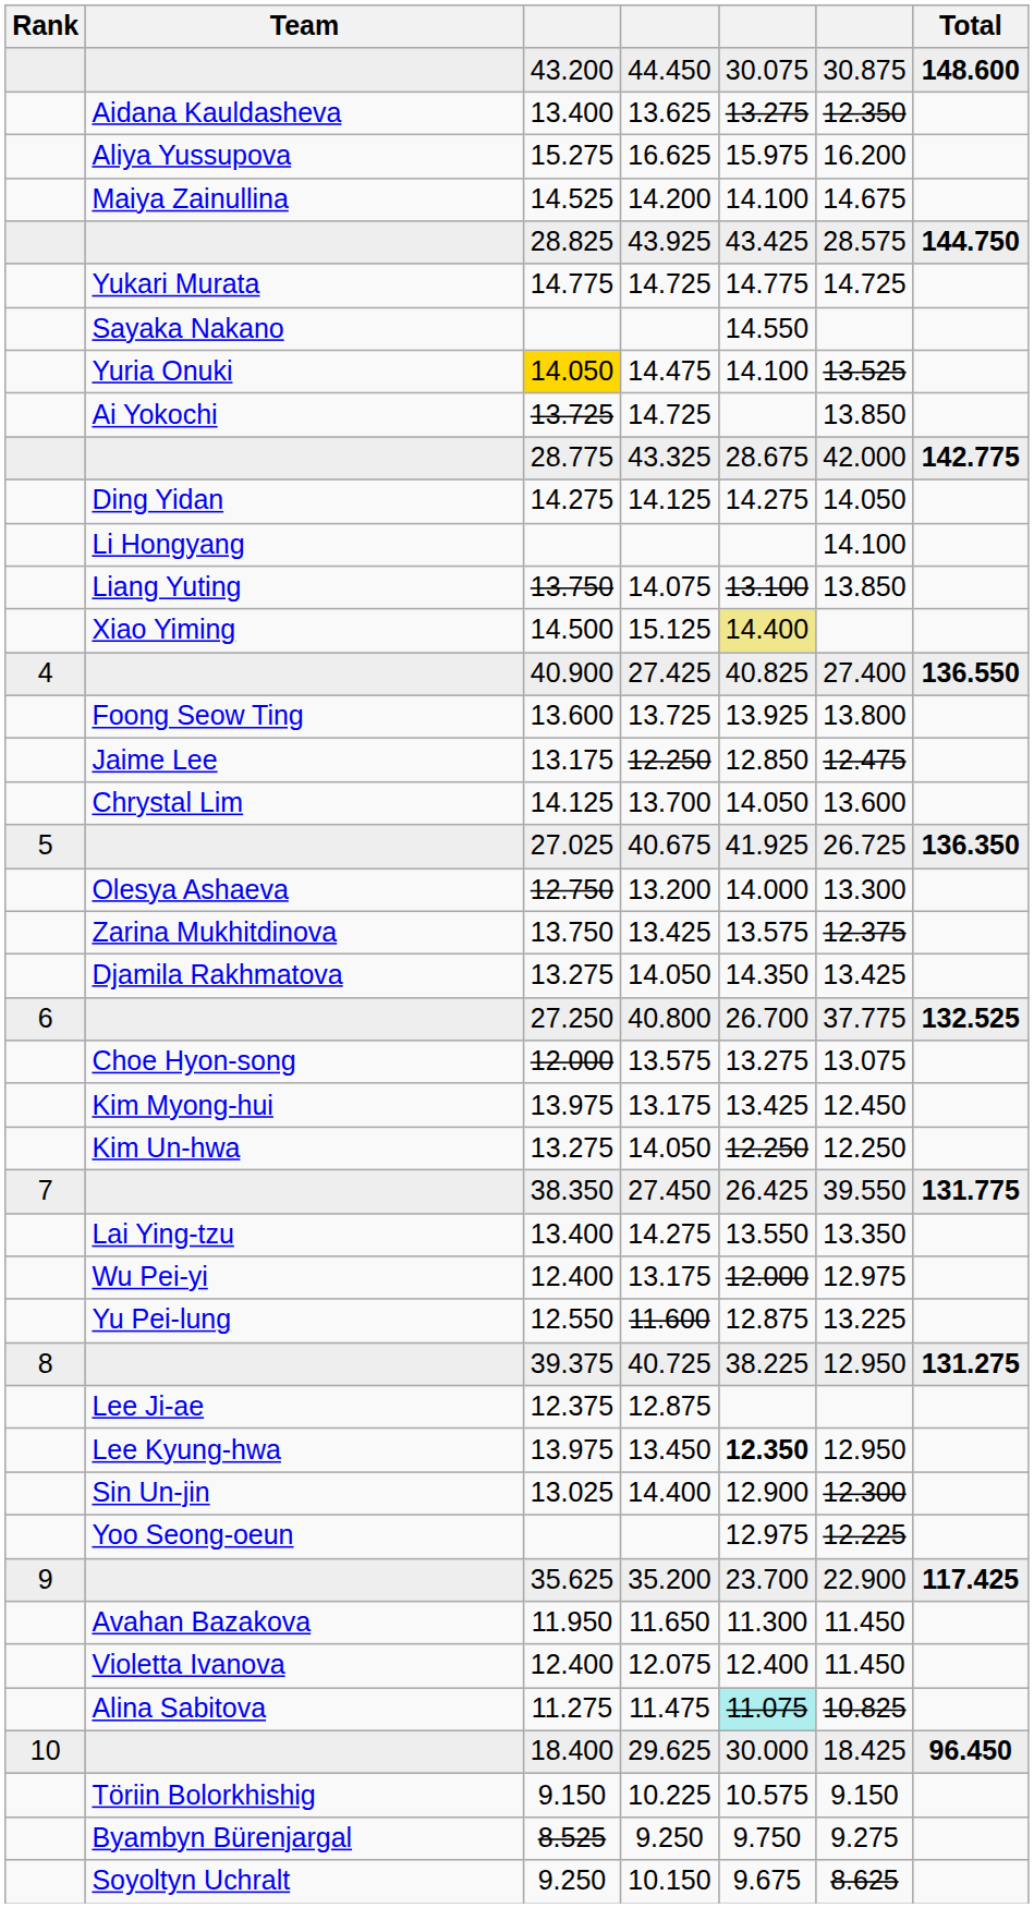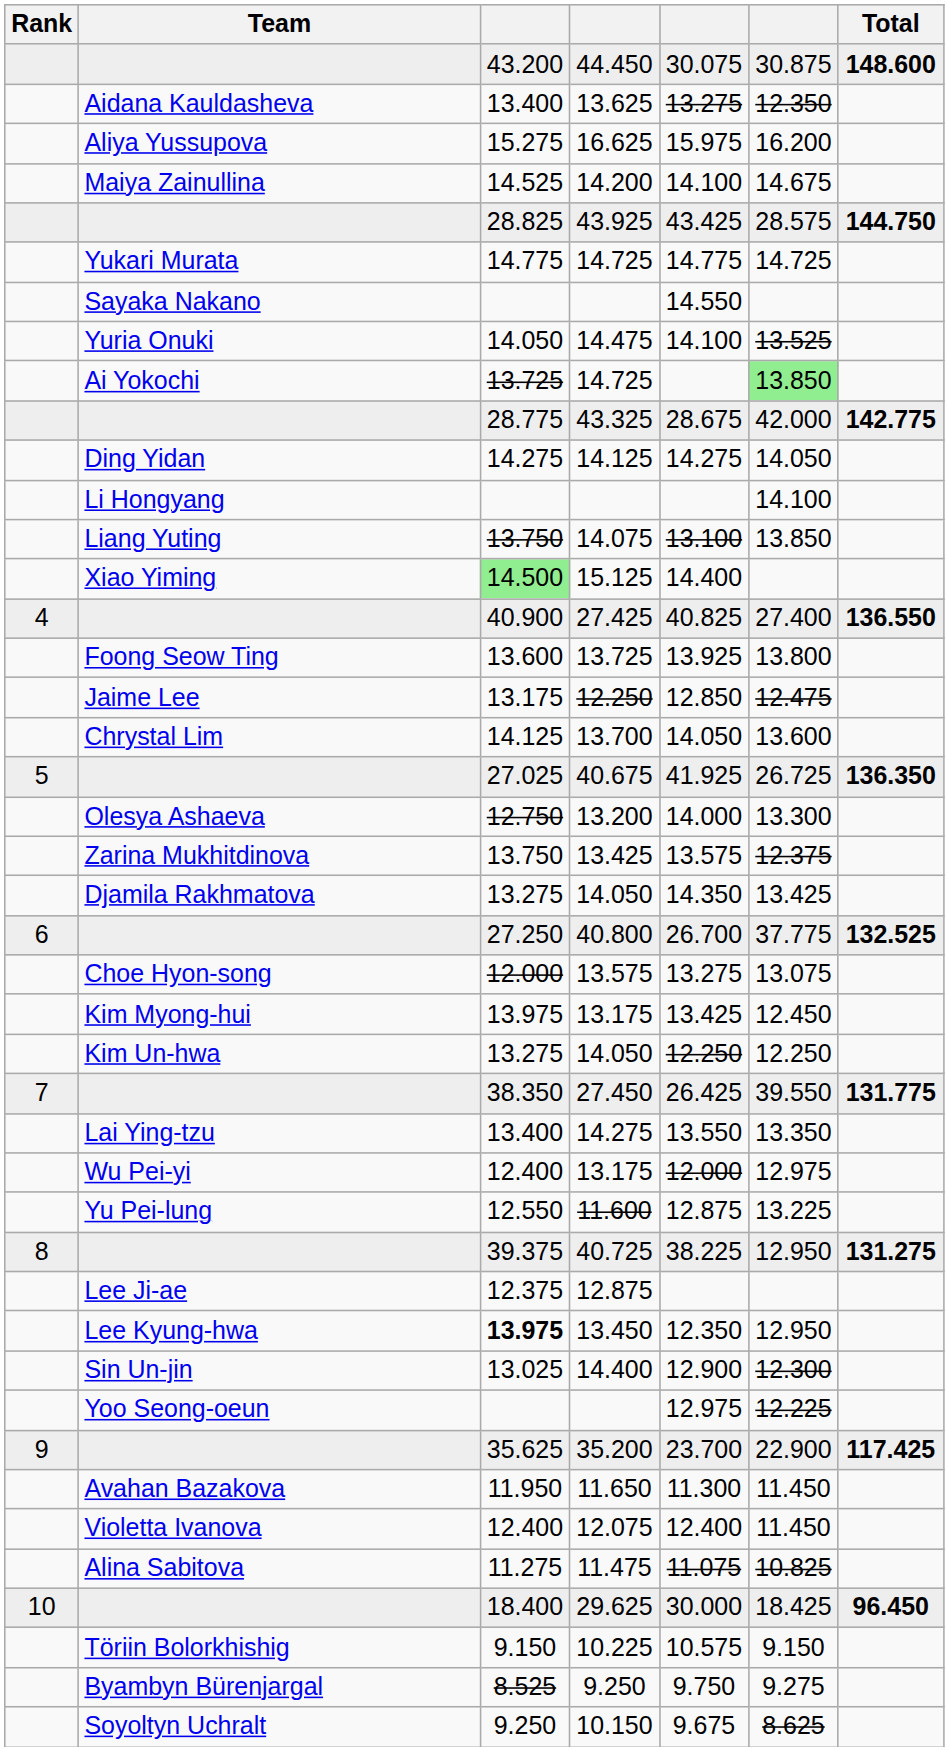 <table class=wikitable style="text-align:center">
 <tr>
 <th width=40>Rank</th>
 <th width=250>Team</th>
 <th width=50></th>
 <th width=50></th>
 <th width=50></th>
 <th width=50></th>
 <th width=60>Total</th>
 </tr>
 <tr bgcolor=eeeeee>
 <td></td>
 <td align=left></td>
 <td>43.200</td>
 <td>44.450</td>
 <td>30.075</td>
 <td>30.875</td>
 <td><strong>148.600</strong></td>
 </tr>
 <tr>
 <td></td>
 <td align=left><a href='#'>Aidana Kauldasheva</a></td>
 <td>13.400</td>
 <td>13.625</td>
 <td><s>13.275</s></td>
 <td><s>12.350</s></td>
 <td></td>
 </tr>
 <tr>
 <td></td>
 <td align=left><a href='#'>Aliya Yussupova</a></td>
 <td>15.275</td>
 <td>16.625</td>
 <td>15.975</td>
 <td>16.200</td>
 <td></td>
 </tr>
 <tr>
 <td></td>
 <td align=left><a href='#'>Maiya Zainullina</a></td>
 <td>14.525</td>
 <td>14.200</td>
 <td>14.100</td>
 <td>14.675</td>
 <td></td>
 </tr>
 <tr bgcolor=eeeeee>
 <td></td>
 <td align=left></td>
 <td>28.825</td>
 <td>43.925</td>
 <td>43.425</td>
 <td>28.575</td>
 <td><strong>144.750</strong></td>
 </tr>
 <tr>
 <td></td>
 <td align=left><a href='#'>Yukari Murata</a></td>
 <td>14.775</td>
 <td>14.725</td>
 <td>14.775</td>
 <td>14.725</td>
 <td></td>
 </tr>
 <tr>
 <td></td>
 <td align=left><a href='#'>Sayaka Nakano</a></td>
 <td></td>
 <td></td>
 <td>14.550</td>
 <td></td>
 <td></td>
 </tr>
 <tr>
 <td></td>
 <td align=left><a href='#'>Yuria Onuki</a></td>
-<td style="background: gold;">14.050</td>
+<td>14.050</td>
 <td>14.475</td>
 <td>14.100</td>
 <td><s>13.525</s></td>
 <td></td>
 </tr>
 <tr>
 <td></td>
 <td align=left><a href='#'>Ai Yokochi</a></td>
 <td><s>13.725</s></td>
 <td>14.725</td>
 <td></td>
-<td>13.850</td>
+<td style="background: lightgreen;">13.850</td>
 <td></td>
 </tr>
 <tr bgcolor=eeeeee>
 <td></td>
 <td align=left></td>
 <td>28.775</td>
 <td>43.325</td>
 <td>28.675</td>
 <td>42.000</td>
 <td><strong>142.775</strong></td>
 </tr>
 <tr>
 <td></td>
 <td align=left><a href='#'>Ding Yidan</a></td>
 <td>14.275</td>
 <td>14.125</td>
 <td>14.275</td>
 <td>14.050</td>
 <td></td>
 </tr>
 <tr>
 <td></td>
 <td align=left><a href='#'>Li Hongyang</a></td>
 <td></td>
 <td></td>
 <td></td>
 <td>14.100</td>
 <td></td>
 </tr>
 <tr>
 <td></td>
 <td align=left><a href='#'>Liang Yuting</a></td>
 <td><s>13.750</s></td>
 <td>14.075</td>
 <td><s>13.100</s></td>
 <td>13.850</td>
 <td></td>
 </tr>
 <tr>
 <td></td>
 <td align=left><a href='#'>Xiao Yiming</a></td>
-<td>14.500</td>
+<td style="background: lightgreen;">14.500</td>
 <td>15.125</td>
-<td style="background: khaki;">14.400</td>
+<td>14.400</td>
 <td></td>
 <td></td>
 </tr>
 <tr bgcolor=eeeeee>
 <td>4</td>
 <td align=left></td>
 <td>40.900</td>
 <td>27.425</td>
 <td>40.825</td>
 <td>27.400</td>
 <td><strong>136.550</strong></td>
 </tr>
 <tr>
 <td></td>
 <td align=left><a href='#'>Foong Seow Ting</a></td>
 <td>13.600</td>
 <td>13.725</td>
 <td>13.925</td>
 <td>13.800</td>
 <td></td>
 </tr>
 <tr>
 <td></td>
 <td align=left><a href='#'>Jaime Lee</a></td>
 <td>13.175</td>
 <td><s>12.250</s></td>
 <td>12.850</td>
 <td><s>12.475</s></td>
 <td></td>
 </tr>
 <tr>
 <td></td>
 <td align=left><a href='#'>Chrystal Lim</a></td>
 <td>14.125</td>
 <td>13.700</td>
 <td>14.050</td>
 <td>13.600</td>
 <td></td>
 </tr>
 <tr bgcolor=eeeeee>
 <td>5</td>
 <td align=left></td>
 <td>27.025</td>
 <td>40.675</td>
 <td>41.925</td>
 <td>26.725</td>
 <td><strong>136.350</strong></td>
 </tr>
 <tr>
 <td></td>
 <td align=left><a href='#'>Olesya Ashaeva</a></td>
 <td><s>12.750</s></td>
 <td>13.200</td>
 <td>14.000</td>
 <td>13.300</td>
 <td></td>
 </tr>
 <tr>
 <td></td>
 <td align=left><a href='#'>Zarina Mukhitdinova</a></td>
 <td>13.750</td>
 <td>13.425</td>
 <td>13.575</td>
 <td><s>12.375</s></td>
 <td></td>
 </tr>
 <tr>
 <td></td>
 <td align=left><a href='#'>Djamila Rakhmatova</a></td>
 <td>13.275</td>
 <td>14.050</td>
 <td>14.350</td>
 <td>13.425</td>
 <td></td>
 </tr>
 <tr bgcolor=eeeeee>
 <td>6</td>
 <td align=left></td>
 <td>27.250</td>
 <td>40.800</td>
 <td>26.700</td>
 <td>37.775</td>
 <td><strong>132.525</strong></td>
 </tr>
 <tr>
 <td></td>
 <td align=left><a href='#'>Choe Hyon-song</a></td>
 <td><s>12.000</s></td>
 <td>13.575</td>
 <td>13.275</td>
 <td>13.075</td>
 <td></td>
 </tr>
 <tr>
 <td></td>
 <td align=left><a href='#'>Kim Myong-hui</a></td>
 <td>13.975</td>
 <td>13.175</td>
 <td>13.425</td>
 <td>12.450</td>
 <td></td>
 </tr>
 <tr>
 <td></td>
 <td align=left><a href='#'>Kim Un-hwa</a></td>
 <td>13.275</td>
 <td>14.050</td>
 <td><s>12.250</s></td>
 <td>12.250</td>
 <td></td>
 </tr>
 <tr bgcolor=eeeeee>
 <td>7</td>
 <td align=left></td>
 <td>38.350</td>
 <td>27.450</td>
 <td>26.425</td>
 <td>39.550</td>
 <td><strong>131.775</strong></td>
 </tr>
 <tr>
 <td></td>
 <td align=left><a href='#'>Lai Ying-tzu</a></td>
 <td>13.400</td>
 <td>14.275</td>
 <td>13.550</td>
 <td>13.350</td>
 <td></td>
 </tr>
 <tr>
 <td></td>
 <td align=left><a href='#'>Wu Pei-yi</a></td>
 <td>12.400</td>
 <td>13.175</td>
 <td><s>12.000</s></td>
 <td>12.975</td>
 <td></td>
 </tr>
 <tr>
 <td></td>
 <td align=left><a href='#'>Yu Pei-lung</a></td>
 <td>12.550</td>
 <td><s>11.600</s></td>
 <td>12.875</td>
 <td>13.225</td>
 <td></td>
 </tr>
 <tr bgcolor=eeeeee>
 <td>8</td>
 <td align=left></td>
 <td>39.375</td>
 <td>40.725</td>
 <td>38.225</td>
 <td>12.950</td>
 <td><strong>131.275</strong></td>
 </tr>
 <tr>
 <td></td>
 <td align=left><a href='#'>Lee Ji-ae</a></td>
 <td>12.375</td>
 <td>12.875</td>
 <td></td>
 <td></td>
 <td></td>
 </tr>
 <tr>
 <td></td>
 <td align=left><a href='#'>Lee Kyung-hwa</a></td>
-<td>13.975</td>
+<td><strong>13.975</strong></td>
 <td>13.450</td>
-<td><strong>12.350</strong></td>
+<td>12.350</td>
 <td>12.950</td>
 <td></td>
 </tr>
 <tr>
 <td></td>
 <td align=left><a href='#'>Sin Un-jin</a></td>
 <td>13.025</td>
 <td>14.400</td>
 <td>12.900</td>
 <td><s>12.300</s></td>
 <td></td>
 </tr>
 <tr>
 <td></td>
 <td align=left><a href='#'>Yoo Seong-oeun</a></td>
 <td></td>
 <td></td>
 <td>12.975</td>
 <td><s>12.225</s></td>
 <td></td>
 </tr>
 <tr bgcolor=eeeeee>
 <td>9</td>
 <td align=left></td>
 <td>35.625</td>
 <td>35.200</td>
 <td>23.700</td>
 <td>22.900</td>
 <td><strong>117.425</strong></td>
 </tr>
 <tr>
 <td></td>
 <td align=left><a href='#'>Avahan Bazakova</a></td>
 <td>11.950</td>
 <td>11.650</td>
 <td>11.300</td>
 <td>11.450</td>
 <td></td>
 </tr>
 <tr>
 <td></td>
 <td align=left><a href='#'>Violetta Ivanova</a></td>
 <td>12.400</td>
 <td>12.075</td>
 <td>12.400</td>
 <td>11.450</td>
 <td></td>
 </tr>
 <tr>
 <td></td>
 <td align=left><a href='#'>Alina Sabitova</a></td>
 <td>11.275</td>
 <td>11.475</td>
-<td style="background: paleturquoise;"><s>11.075</s></td>
+<td><s>11.075</s></td>
 <td><s>10.825</s></td>
 <td></td>
 </tr>
 <tr bgcolor=eeeeee>
 <td>10</td>
 <td align=left></td>
 <td>18.400</td>
 <td>29.625</td>
 <td>30.000</td>
 <td>18.425</td>
 <td><strong>96.450</strong></td>
 </tr>
 <tr>
 <td></td>
 <td align=left><a href='#'>Töriin Bolorkhishig</a></td>
 <td>9.150</td>
 <td>10.225</td>
 <td>10.575</td>
 <td>9.150</td>
 <td></td>
 </tr>
 <tr>
 <td></td>
 <td align=left><a href='#'>Byambyn Bürenjargal</a></td>
 <td><s>8.525</s></td>
 <td>9.250</td>
 <td>9.750</td>
 <td>9.275</td>
 <td></td>
 </tr>
 <tr>
 <td></td>
 <td align=left><a href='#'>Soyoltyn Uchralt</a></td>
 <td>9.250</td>
 <td>10.150</td>
 <td>9.675</td>
 <td><s>8.625</s></td>
 <td></td>
 </tr>
 </table>
